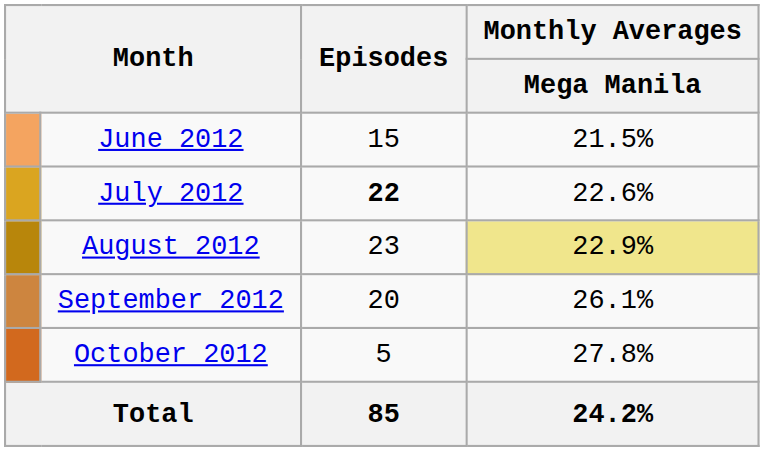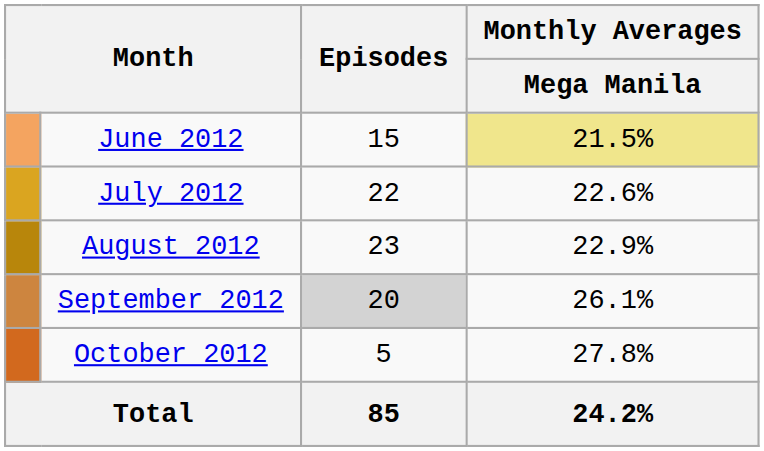 <table class="wikitable plainrowheaders" style="text-align: center; line-height:25px">
 <tr class="wikitable" style="text-align: center;">
 <th colspan="2" rowspan="2" style="padding: 0 8px;">Month</th>
 <th rowspan="2" style="padding: 0 8px;">Episodes</th>
 <th colspan="2" style="padding: 0 8px;">Monthly Averages</th>
 </tr>
 <tr>
 <th style="padding: 0 8px;">Mega Manila</th>
 </tr>
 <tr>
 <td style="padding: 0 8px; background:#F4A460;"></td>
 <td style="padding: 0 8px;" '><a href='#'>June 2012</a></td>
 <td style="padding: 0 8px;">15</td>
-<td style="padding: 0 8px;">21.5%</td>
+<td style="background: khaki; padding: 0 8px;">21.5%</td>
 </tr>
 <tr>
 <td style="padding: 0 8px; background:#DAA520;"></td>
 <td style="padding: 0 8px;" '><a href='#'>July 2012</a></td>
-<td style="padding: 0 8px;"><strong>22</strong></td>
+<td style="padding: 0 8px;">22</td>
 <td style="padding: 0 8px;">22.6%</td>
 </tr>
 <tr>
 <td style="padding: 0 8px; background:#B8860B;"></td>
 <td style="padding: 0 8px;" '><a href='#'>August 2012</a></td>
 <td style="padding: 0 8px;">23</td>
-<td style="background: khaki; padding: 0 8px;">22.9%</td>
+<td style="padding: 0 8px;">22.9%</td>
 </tr>
 <tr>
 <td style="padding: 0 8px; background:#CD853F;"></td>
 <td style="padding: 0 8px;" '><a href='#'>September 2012</a></td>
-<td style="padding: 0 8px;">20</td>
+<td style="background: lightgrey; padding: 0 8px;">20</td>
 <td style="padding: 0 8px;">26.1%</td>
 </tr>
 <tr>
 <td style="padding: 0 8px; background:#D2691E;"></td>
 <td style="padding: 0 8px;" '><a href='#'>October 2012</a></td>
 <td style="padding: 0 8px;">5</td>
 <td style="padding: 0 8px;">27.8%</td>
 </tr>
 <tr>
 <th colspan="2">Total</th>
 <th colspan="1">85</th>
 <th colspan="2">24.2%</th>
 </tr>
 </table>
